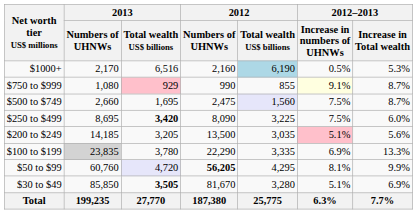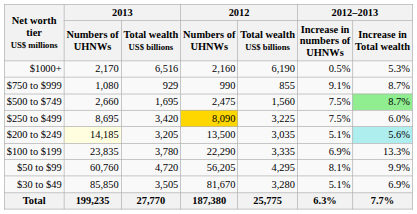 <table class="wikitable" style="text-align:right;">
 <tr>
 <th rowspan=2>Net worth<br>tier<br><small>US$ millions</small></th>
 <th colspan=2>2013</th>
 <th colspan=2>2012</th>
 <th colspan=2>2012–2013</th>
 </tr>
 <tr>
 <th>Numbers of<br>UHNWs</th>
 <th>Total wealth<br><small>US$ billions</small></th>
 <th>Numbers of<br>UHNWs</th>
 <th>Total wealth<br><small>US$ billions</small></th>
 <th>Increase in<br>numbers of<br>UHNWs</th>
 <th>Increase in<br>Total wealth</th>
 </tr>
 <tr>
 <td>$1000+</td>
 <td>2,170</td>
 <td>6,516</td>
 <td>2,160</td>
-<td style="background: lightblue;">6,190</td>
+<td>6,190</td>
 <td>0.5%</td>
 <td>5.3%</td>
 </tr>
 <tr>
 <td>$750 to $999</td>
 <td>1,080</td>
-<td style="background: pink;">929</td>
+<td>929</td>
 <td>990</td>
 <td>855</td>
-<td style="background: lightyellow;">9.1%</td>
+<td>9.1%</td>
 <td>8.7%</td>
 </tr>
 <tr>
 <td>$500 to $749</td>
 <td>2,660</td>
 <td>1,695</td>
 <td>2,475</td>
-<td style="background: lavender;">1,560</td>
+<td>1,560</td>
 <td>7.5%</td>
-<td>8.7%</td>
+<td style="background: lightgreen;">8.7%</td>
 </tr>
 <tr>
 <td>$250 to $499</td>
 <td>8,695</td>
-<td><strong>3,420</strong></td>
-<td>8,090</td>
+<td>3,420</td>
+<td style="background: gold;">8,090</td>
 <td>3,225</td>
 <td>7.5%</td>
 <td>6.0%</td>
 </tr>
 <tr>
 <td>$200 to $249</td>
-<td>14,185</td>
+<td style="background: lightyellow;">14,185</td>
 <td>3,205</td>
 <td>13,500</td>
 <td>3,035</td>
-<td style="background: pink;">5.1%</td>
-<td>5.6%</td>
+<td>5.1%</td>
+<td style="background: paleturquoise;">5.6%</td>
 </tr>
 <tr>
 <td>$100 to $199</td>
-<td style="background: lightgrey;">23,835</td>
+<td>23,835</td>
 <td>3,780</td>
 <td>22,290</td>
 <td>3,335</td>
 <td>6.9%</td>
 <td>13.3%</td>
 </tr>
 <tr>
 <td>$50 to $99</td>
 <td>60,760</td>
-<td style="background: lavender;">4,720</td>
-<td><strong>56,205</strong></td>
+<td>4,720</td>
+<td>56,205</td>
 <td>4,295</td>
 <td>8.1%</td>
 <td>9.9%</td>
 </tr>
 <tr>
 <td>$30 to $49</td>
 <td>85,850</td>
-<td><strong>3,505</strong></td>
+<td>3,505</td>
 <td>81,670</td>
 <td>3,280</td>
 <td>5.1%</td>
 <td>6.9%</td>
 </tr>
 <tr>
 <th>Total</th>
 <th>199,235</th>
 <th>27,770</th>
 <th>187,380</th>
 <th>25,775</th>
 <th>6.3%</th>
 <th>7.7%</th>
 </tr>
 </table>
